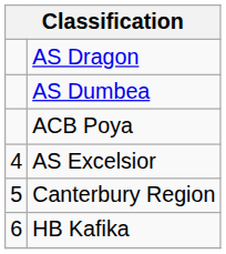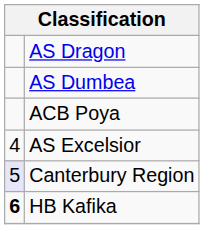 <table class="wikitable" font-size: 90%;>
 <tr>
 <th colspan=2>Classification</th>
 </tr>
 <tr valign="top">
 <td></td>
 <td> <a href='#'>AS Dragon</a></td>
 </tr>
 <tr>
 <td></td>
 <td> <a href='#'>AS Dumbea</a></td>
 </tr>
 <tr>
 <td></td>
 <td> ACB Poya</td>
 </tr>
 <tr>
 <td>4</td>
 <td> AS Excelsior</td>
 </tr>
 <tr>
-<td>5</td>
+<td style="background: lavender;">5</td>
 <td> Canterbury Region</td>
 </tr>
 <tr>
-<td>6</td>
+<td><strong>6</strong></td>
 <td> HB Kafika</td>
 </tr>
 <tr>
 </tr>
 </table>
